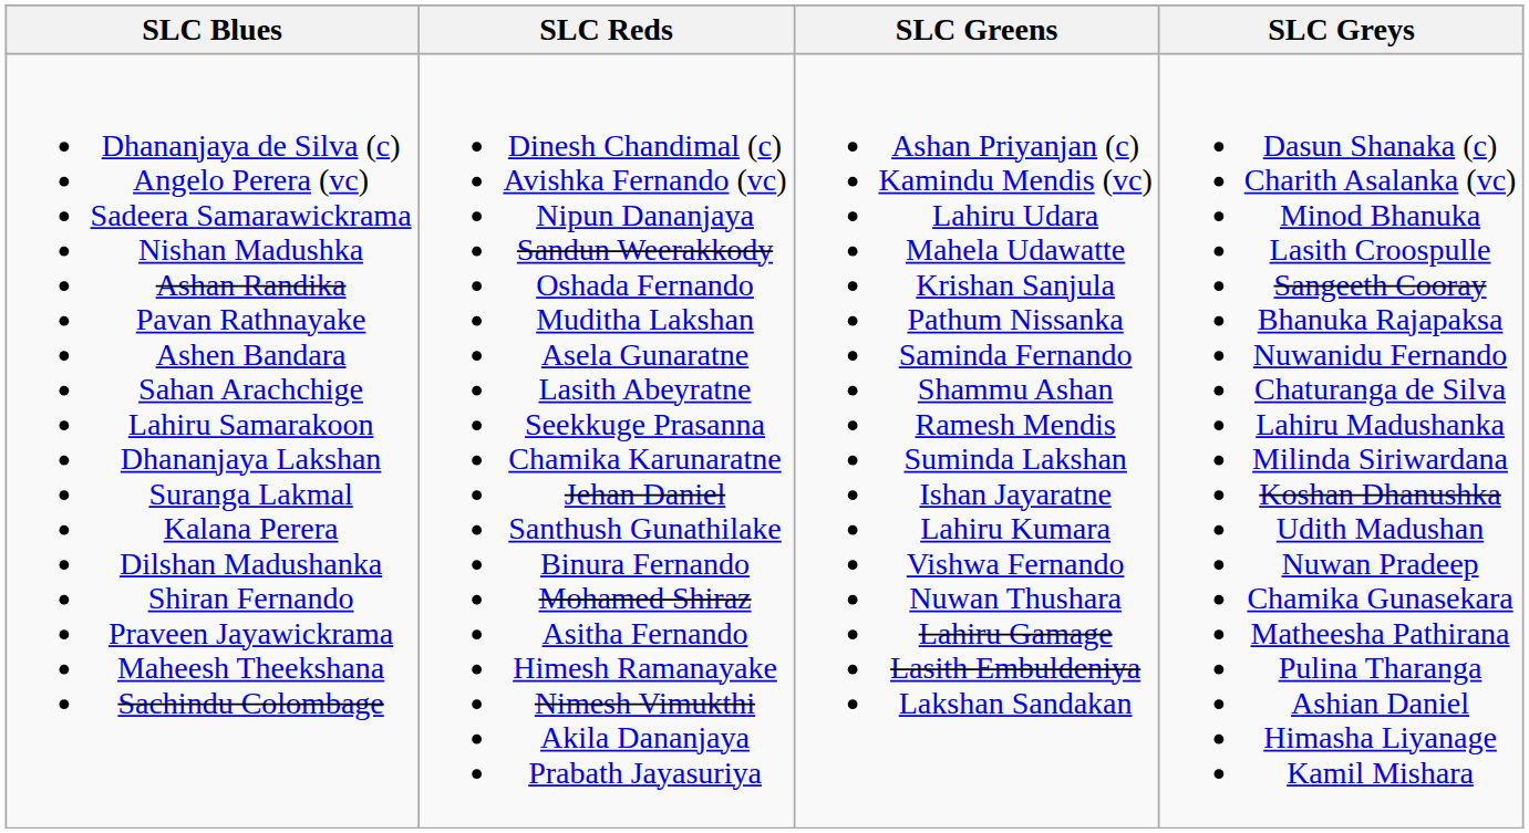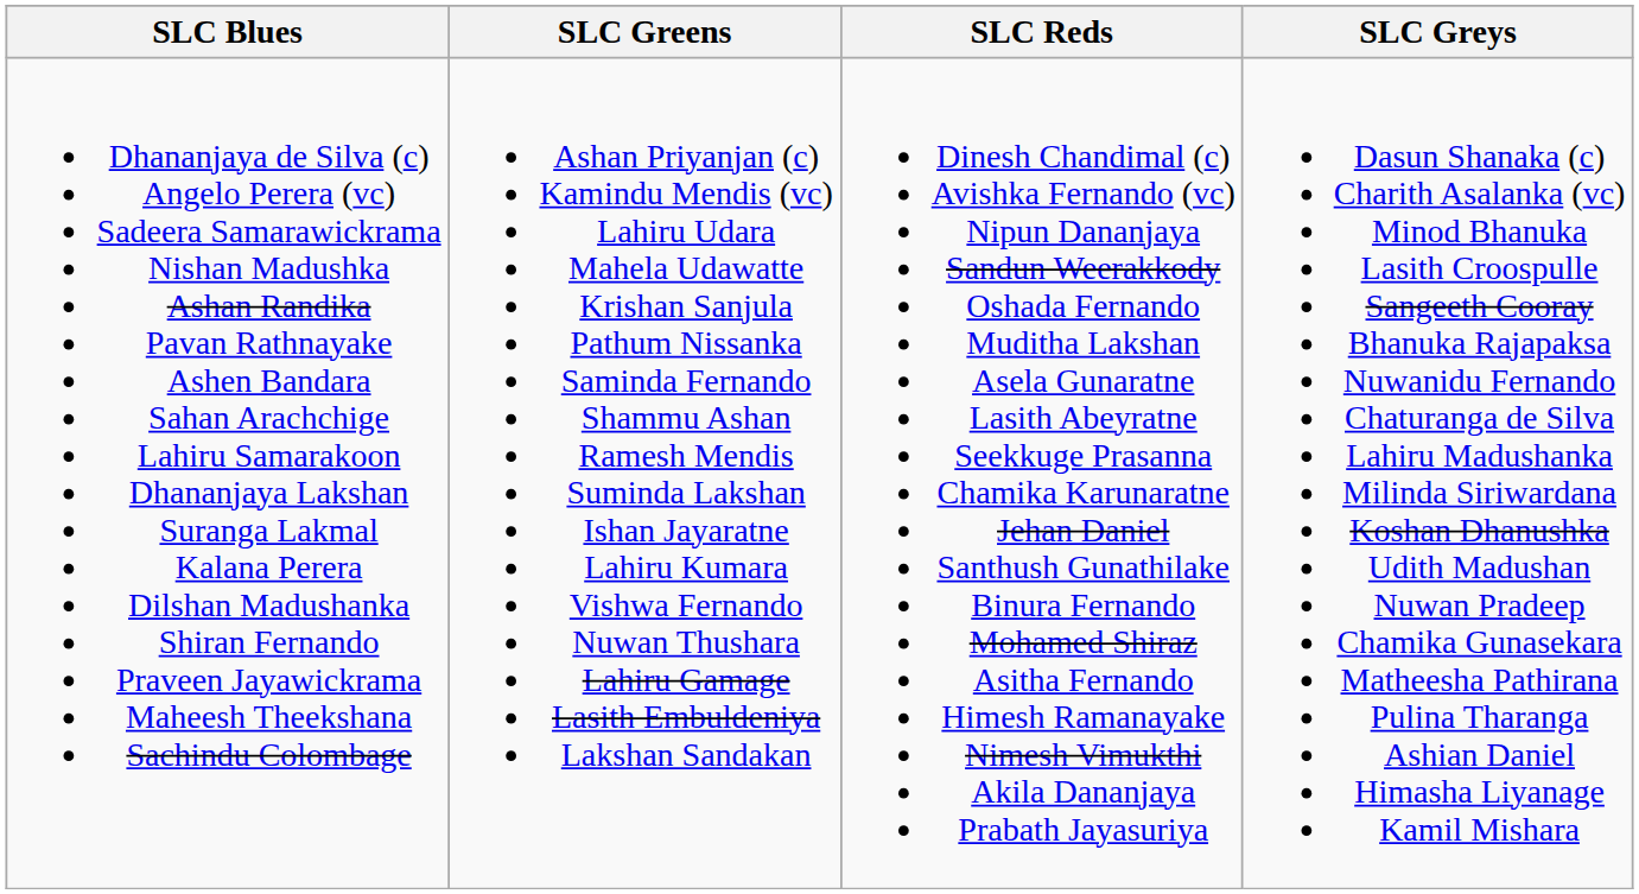 <table class="wikitable" style="text-align:center; margin:auto">
 <tr>
 <th>SLC Blues</th>
+<th>SLC Greens</th>
 <th>SLC Reds</th>
-<th>SLC Greens</th>
 <th>SLC Greys</th>
 </tr>
 <tr style="vertical-align:top">
 <td><br><ul><li><a href='#'>Dhananjaya de Silva</a> (<a href='#'>c</a>)</li><li><a href='#'>Angelo Perera</a> (<a href='#'>vc</a>)</li><li><a href='#'>Sadeera Samarawickrama</a></li><li><a href='#'>Nishan Madushka</a></li><li><s><a href='#'>Ashan Randika</a></s></li><li><a href='#'>Pavan Rathnayake</a></li><li><a href='#'>Ashen Bandara</a></li><li><a href='#'>Sahan Arachchige</a></li><li><a href='#'>Lahiru Samarakoon</a></li><li><a href='#'>Dhananjaya Lakshan</a></li><li><a href='#'>Suranga Lakmal</a></li><li><a href='#'>Kalana Perera</a></li><li><a href='#'>Dilshan Madushanka</a></li><li><a href='#'>Shiran Fernando</a></li><li><a href='#'>Praveen Jayawickrama</a></li><li><a href='#'>Maheesh Theekshana</a></li><li><s><a href='#'>Sachindu Colombage</a></s></li></ul></td>
+<td><br><ul><li><a href='#'>Ashan Priyanjan</a> (<a href='#'>c</a>)</li><li><a href='#'>Kamindu Mendis</a> (<a href='#'>vc</a>)</li><li><a href='#'>Lahiru Udara</a></li><li><a href='#'>Mahela Udawatte</a></li><li><a href='#'>Krishan Sanjula</a></li><li><a href='#'>Pathum Nissanka</a></li><li><a href='#'>Saminda Fernando</a></li><li><a href='#'>Shammu Ashan</a></li><li><a href='#'>Ramesh Mendis</a></li><li><a href='#'>Suminda Lakshan</a></li><li><a href='#'>Ishan Jayaratne</a></li><li><a href='#'>Lahiru Kumara</a></li><li><a href='#'>Vishwa Fernando</a></li><li><a href='#'>Nuwan Thushara</a></li><li><s><a href='#'>Lahiru Gamage</a></s></li><li><s><a href='#'>Lasith Embuldeniya</a></s></li><li><a href='#'>Lakshan Sandakan</a></li></ul></td>
 <td><br><ul><li><a href='#'>Dinesh Chandimal</a> (<a href='#'>c</a>)</li><li><a href='#'>Avishka Fernando</a> (<a href='#'>vc</a>)</li><li><a href='#'>Nipun Dananjaya</a></li><li><s><a href='#'>Sandun Weerakkody</a></s></li><li><a href='#'>Oshada Fernando</a></li><li><a href='#'>Muditha Lakshan</a></li><li><a href='#'>Asela Gunaratne</a></li><li><a href='#'>Lasith Abeyratne</a></li><li><a href='#'>Seekkuge Prasanna</a></li><li><a href='#'>Chamika Karunaratne</a></li><li><s><a href='#'>Jehan Daniel</a></s></li><li><a href='#'>Santhush Gunathilake</a></li><li><a href='#'>Binura Fernando</a></li><li><s><a href='#'>Mohamed Shiraz</a></s></li><li><a href='#'>Asitha Fernando</a></li><li><a href='#'>Himesh Ramanayake</a></li><li><s><a href='#'>Nimesh Vimukthi</a></s></li><li><a href='#'>Akila Dananjaya</a></li><li><a href='#'>Prabath Jayasuriya</a></li></ul></td>
-<td><br><ul><li><a href='#'>Ashan Priyanjan</a> (<a href='#'>c</a>)</li><li><a href='#'>Kamindu Mendis</a> (<a href='#'>vc</a>)</li><li><a href='#'>Lahiru Udara</a></li><li><a href='#'>Mahela Udawatte</a></li><li><a href='#'>Krishan Sanjula</a></li><li><a href='#'>Pathum Nissanka</a></li><li><a href='#'>Saminda Fernando</a></li><li><a href='#'>Shammu Ashan</a></li><li><a href='#'>Ramesh Mendis</a></li><li><a href='#'>Suminda Lakshan</a></li><li><a href='#'>Ishan Jayaratne</a></li><li><a href='#'>Lahiru Kumara</a></li><li><a href='#'>Vishwa Fernando</a></li><li><a href='#'>Nuwan Thushara</a></li><li><s><a href='#'>Lahiru Gamage</a></s></li><li><s><a href='#'>Lasith Embuldeniya</a></s></li><li><a href='#'>Lakshan Sandakan</a></li></ul></td>
 <td><br><ul><li><a href='#'>Dasun Shanaka</a> (<a href='#'>c</a>)</li><li><a href='#'>Charith Asalanka</a> (<a href='#'>vc</a>)</li><li><a href='#'>Minod Bhanuka</a></li><li><a href='#'>Lasith Croospulle</a></li><li><s><a href='#'>Sangeeth Cooray</a></s></li><li><a href='#'>Bhanuka Rajapaksa</a></li><li><a href='#'>Nuwanidu Fernando</a></li><li><a href='#'>Chaturanga de Silva</a></li><li><a href='#'>Lahiru Madushanka</a></li><li><a href='#'>Milinda Siriwardana</a></li><li><s><a href='#'>Koshan Dhanushka</a></s></li><li><a href='#'>Udith Madushan</a></li><li><a href='#'>Nuwan Pradeep</a></li><li><a href='#'>Chamika Gunasekara</a></li><li><a href='#'>Matheesha Pathirana</a></li><li><a href='#'>Pulina Tharanga</a></li><li><a href='#'>Ashian Daniel</a></li><li><a href='#'>Himasha Liyanage</a></li><li><a href='#'>Kamil Mishara</a></li></ul></td>
 </tr>
 </table>
